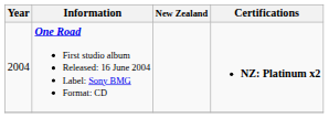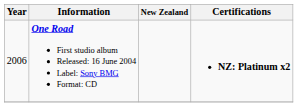 <table class="wikitable">
 <tr>
 <th align="center" rowspan="1">Year</th>
 <th align="center" rowspan="1">Information</th>
 <th align="center" rowspan="1"><small>New Zealand</small></th>
 <th align="center" rowspan="1">Certifications</th>
 </tr>
 <tr>
-<td>2004</td>
+<td>2006</td>
 <td><strong><em><a href='#'>One Road</a></em></strong><br><ul><li><small>First studio album</small></li><li><small>Released: 16 June 2004</small></li><li><small>Label: <a href='#'>Sony BMG</a></small></li><li><small>Format: CD</small></li></ul></td>
 <td></td>
 <td><strong><br><ul><li>NZ: Platinum x2</li></ul></strong></td>
 </tr>
 <tr>
 </tr>
 </table>
